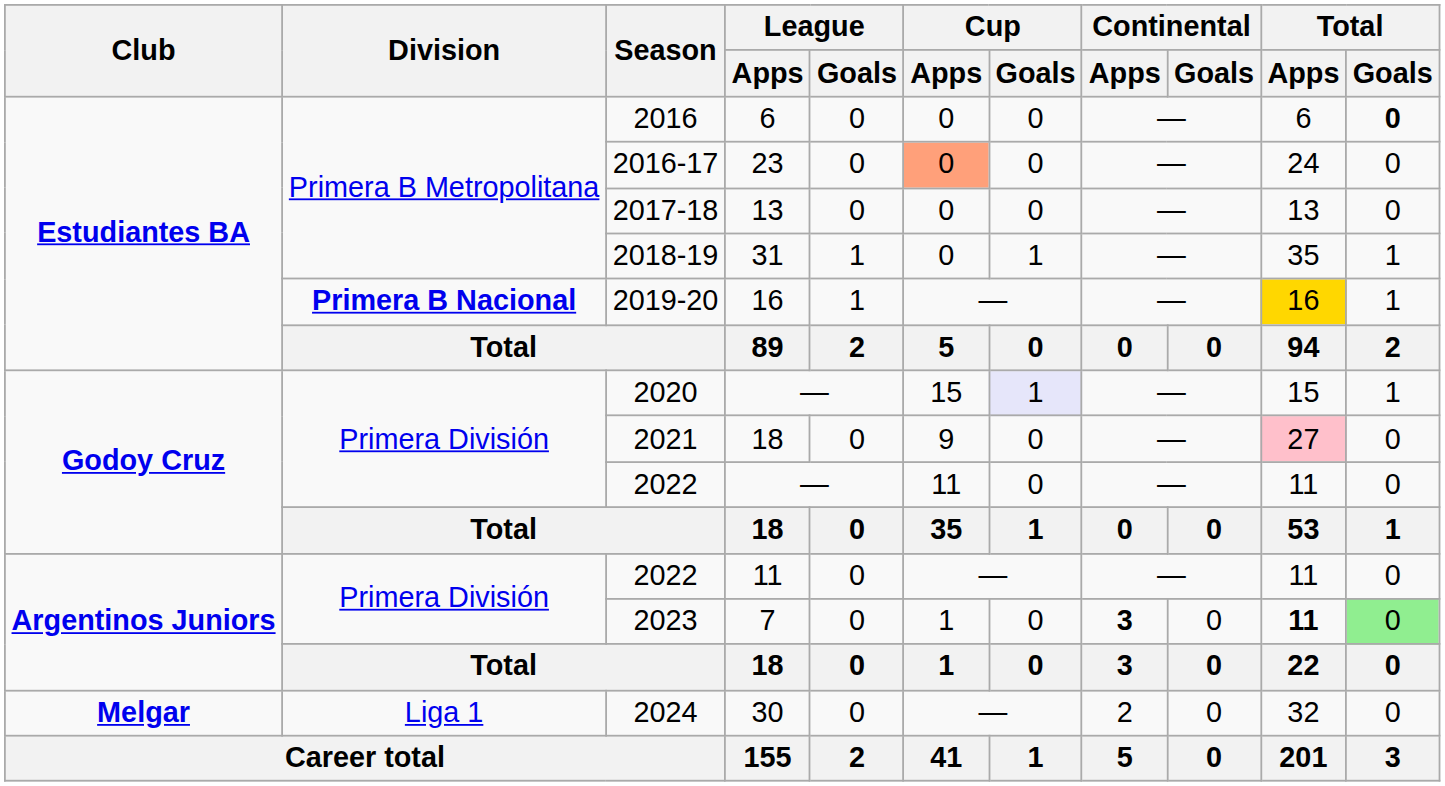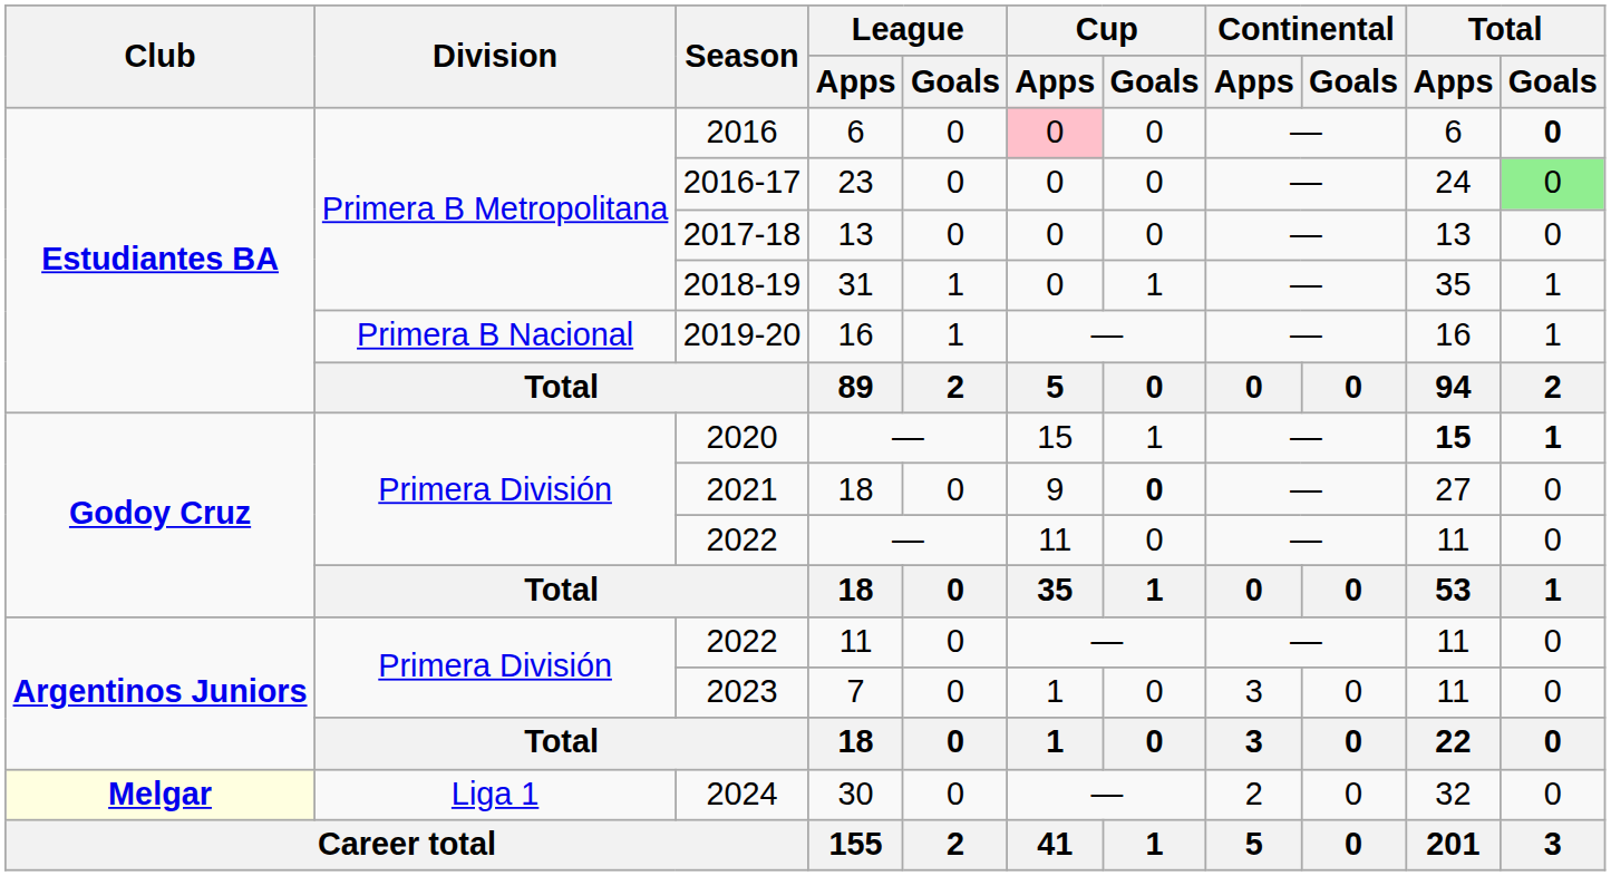 <table class="wikitable center" style="text-align:center">
 <tr>
 <th rowspan="2">Club</th>
 <th rowspan="2">Division</th>
 <th rowspan="2">Season</th>
 <th colspan="2">League</th>
 <th colspan="2">Cup</th>
 <th colspan="2">Continental</th>
 <th colspan="2">Total</th>
 </tr>
 <tr>
 <th>Apps</th>
 <th>Goals</th>
 <th>Apps</th>
 <th>Goals</th>
 <th>Apps</th>
 <th>Goals</th>
 <th>Apps</th>
 <th>Goals</th>
 </tr>
 <tr>
 <td rowspan="6"><strong><a href='#'>Estudiantes BA</a></strong></td>
 <td rowspan="4"><a href='#'>Primera B Metropolitana</a></td>
 <td>2016</td>
 <td>6</td>
 <td>0</td>
-<td>0</td>
+<td style="background: pink;">0</td>
 <td>0</td>
 <td colspan="2">—</td>
 <td>6</td>
 <td><strong>0</strong></td>
 </tr>
 <tr>
 <td>2016-17</td>
 <td>23</td>
 <td>0</td>
-<td style="background: lightsalmon;">0</td>
+<td>0</td>
 <td>0</td>
 <td colspan="2">—</td>
 <td>24</td>
-<td>0</td>
+<td style="background: lightgreen;">0</td>
 </tr>
 <tr>
 <td>2017-18</td>
 <td>13</td>
 <td>0</td>
 <td>0</td>
 <td>0</td>
 <td colspan="2">—</td>
 <td>13</td>
 <td>0</td>
 </tr>
 <tr>
 <td>2018-19</td>
 <td>31</td>
 <td>1</td>
 <td>0</td>
 <td>1</td>
 <td colspan="2">—</td>
 <td>35</td>
 <td>1</td>
 </tr>
 <tr>
-<td><strong><a href='#'>Primera B Nacional</a></strong></td>
+<td><a href='#'>Primera B Nacional</a></td>
 <td>2019-20</td>
 <td>16</td>
 <td>1</td>
 <td colspan="2">—</td>
 <td colspan="2">—</td>
-<td style="background: gold;">16</td>
+<td>16</td>
 <td>1</td>
 </tr>
 <tr>
 <th colspan="2">Total</th>
 <th>89</th>
 <th>2</th>
 <th>5</th>
 <th>0</th>
 <th>0</th>
 <th>0</th>
 <th>94</th>
 <th>2</th>
 </tr>
 <tr>
 <td rowspan="4"><strong><a href='#'>Godoy Cruz</a></strong></td>
 <td rowspan="3"><a href='#'>Primera División</a></td>
 <td>2020</td>
 <td colspan="2">—</td>
 <td>15</td>
-<td style="background: lavender;">1</td>
+<td>1</td>
 <td colspan="2">—</td>
-<td>15</td>
-<td>1</td>
+<td><strong>15</strong></td>
+<td><strong>1</strong></td>
 </tr>
 <tr>
 <td>2021</td>
 <td>18</td>
 <td>0</td>
 <td>9</td>
-<td>0</td>
+<td><strong>0</strong></td>
 <td colspan="2">—</td>
-<td style="background: pink;">27</td>
+<td>27</td>
 <td>0</td>
 </tr>
 <tr>
 <td>2022</td>
 <td colspan="2">—</td>
 <td>11</td>
 <td>0</td>
 <td colspan="2">—</td>
 <td>11</td>
 <td>0</td>
 </tr>
 <tr>
 <th colspan="2">Total</th>
 <th>18</th>
 <th>0</th>
 <th>35</th>
 <th>1</th>
 <th>0</th>
 <th>0</th>
 <th>53</th>
 <th>1</th>
 </tr>
 <tr>
 <td rowspan="3"><strong><a href='#'>Argentinos Juniors</a></strong></td>
 <td rowspan="2"><a href='#'>Primera División</a></td>
 <td>2022</td>
 <td>11</td>
 <td>0</td>
 <td colspan="2">—</td>
 <td colspan="2">—</td>
 <td>11</td>
 <td>0</td>
 </tr>
 <tr>
 <td>2023</td>
 <td>7</td>
 <td>0</td>
 <td>1</td>
 <td>0</td>
-<td><strong>3</strong></td>
+<td>3</td>
 <td>0</td>
-<td><strong>11</strong></td>
-<td style="background: lightgreen;">0</td>
+<td>11</td>
+<td>0</td>
 </tr>
 <tr>
 <th colspan="2">Total</th>
 <th>18</th>
 <th>0</th>
 <th>1</th>
 <th>0</th>
 <th>3</th>
 <th>0</th>
 <th>22</th>
 <th>0</th>
 </tr>
 <tr>
-<td><strong><a href='#'>Melgar</a></strong></td>
+<td style="background: lightyellow;"><strong><a href='#'>Melgar</a></strong></td>
 <td><a href='#'>Liga 1</a></td>
 <td>2024</td>
 <td>30</td>
 <td>0</td>
 <td colspan="2">—</td>
 <td>2</td>
 <td>0</td>
 <td>32</td>
 <td>0</td>
 </tr>
 <tr>
 <th colspan="3">Career total</th>
 <th>155</th>
 <th>2</th>
 <th>41</th>
 <th>1</th>
 <th>5</th>
 <th>0</th>
 <th>201</th>
 <th>3</th>
 </tr>
 </table>
